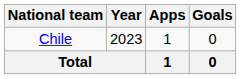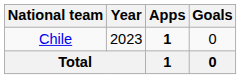 <table class=wikitable style=text-align:center>
 <tr>
 <th>National team</th>
 <th>Year</th>
 <th>Apps</th>
 <th>Goals</th>
 </tr>
 <tr>
 <td rowspan="1"><a href='#'>Chile</a></td>
 <td>2023</td>
-<td>1</td>
+<td><strong>1</strong></td>
 <td>0</td>
 </tr>
 <tr>
 <th colspan="2">Total</th>
 <th>1</th>
 <th>0</th>
 </tr>
 </table>
